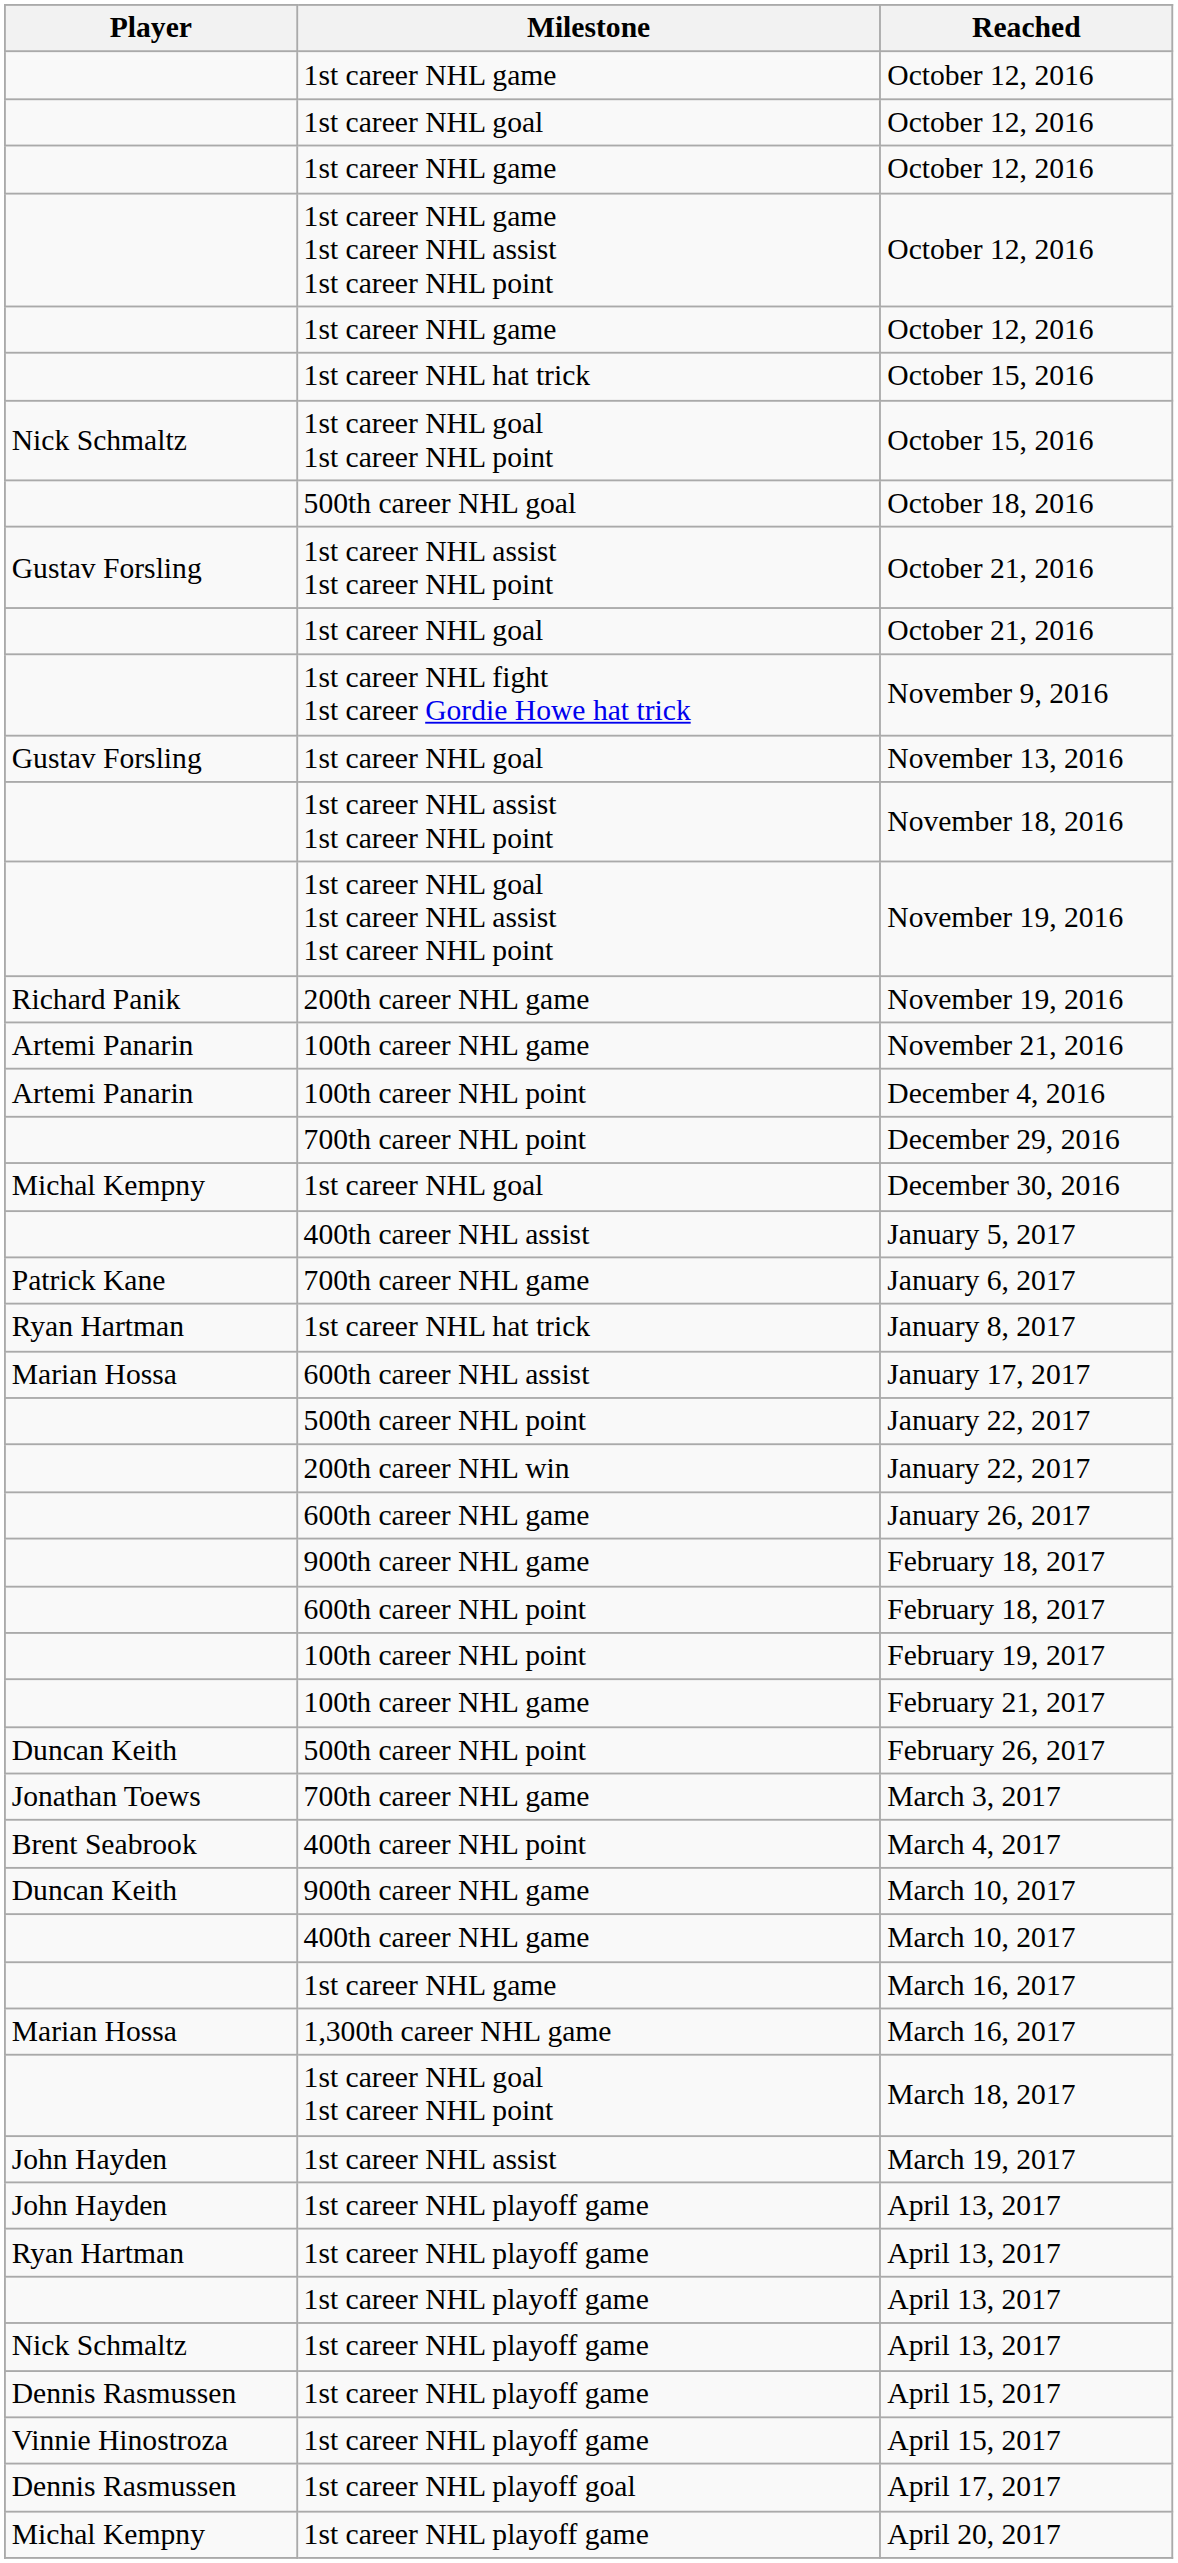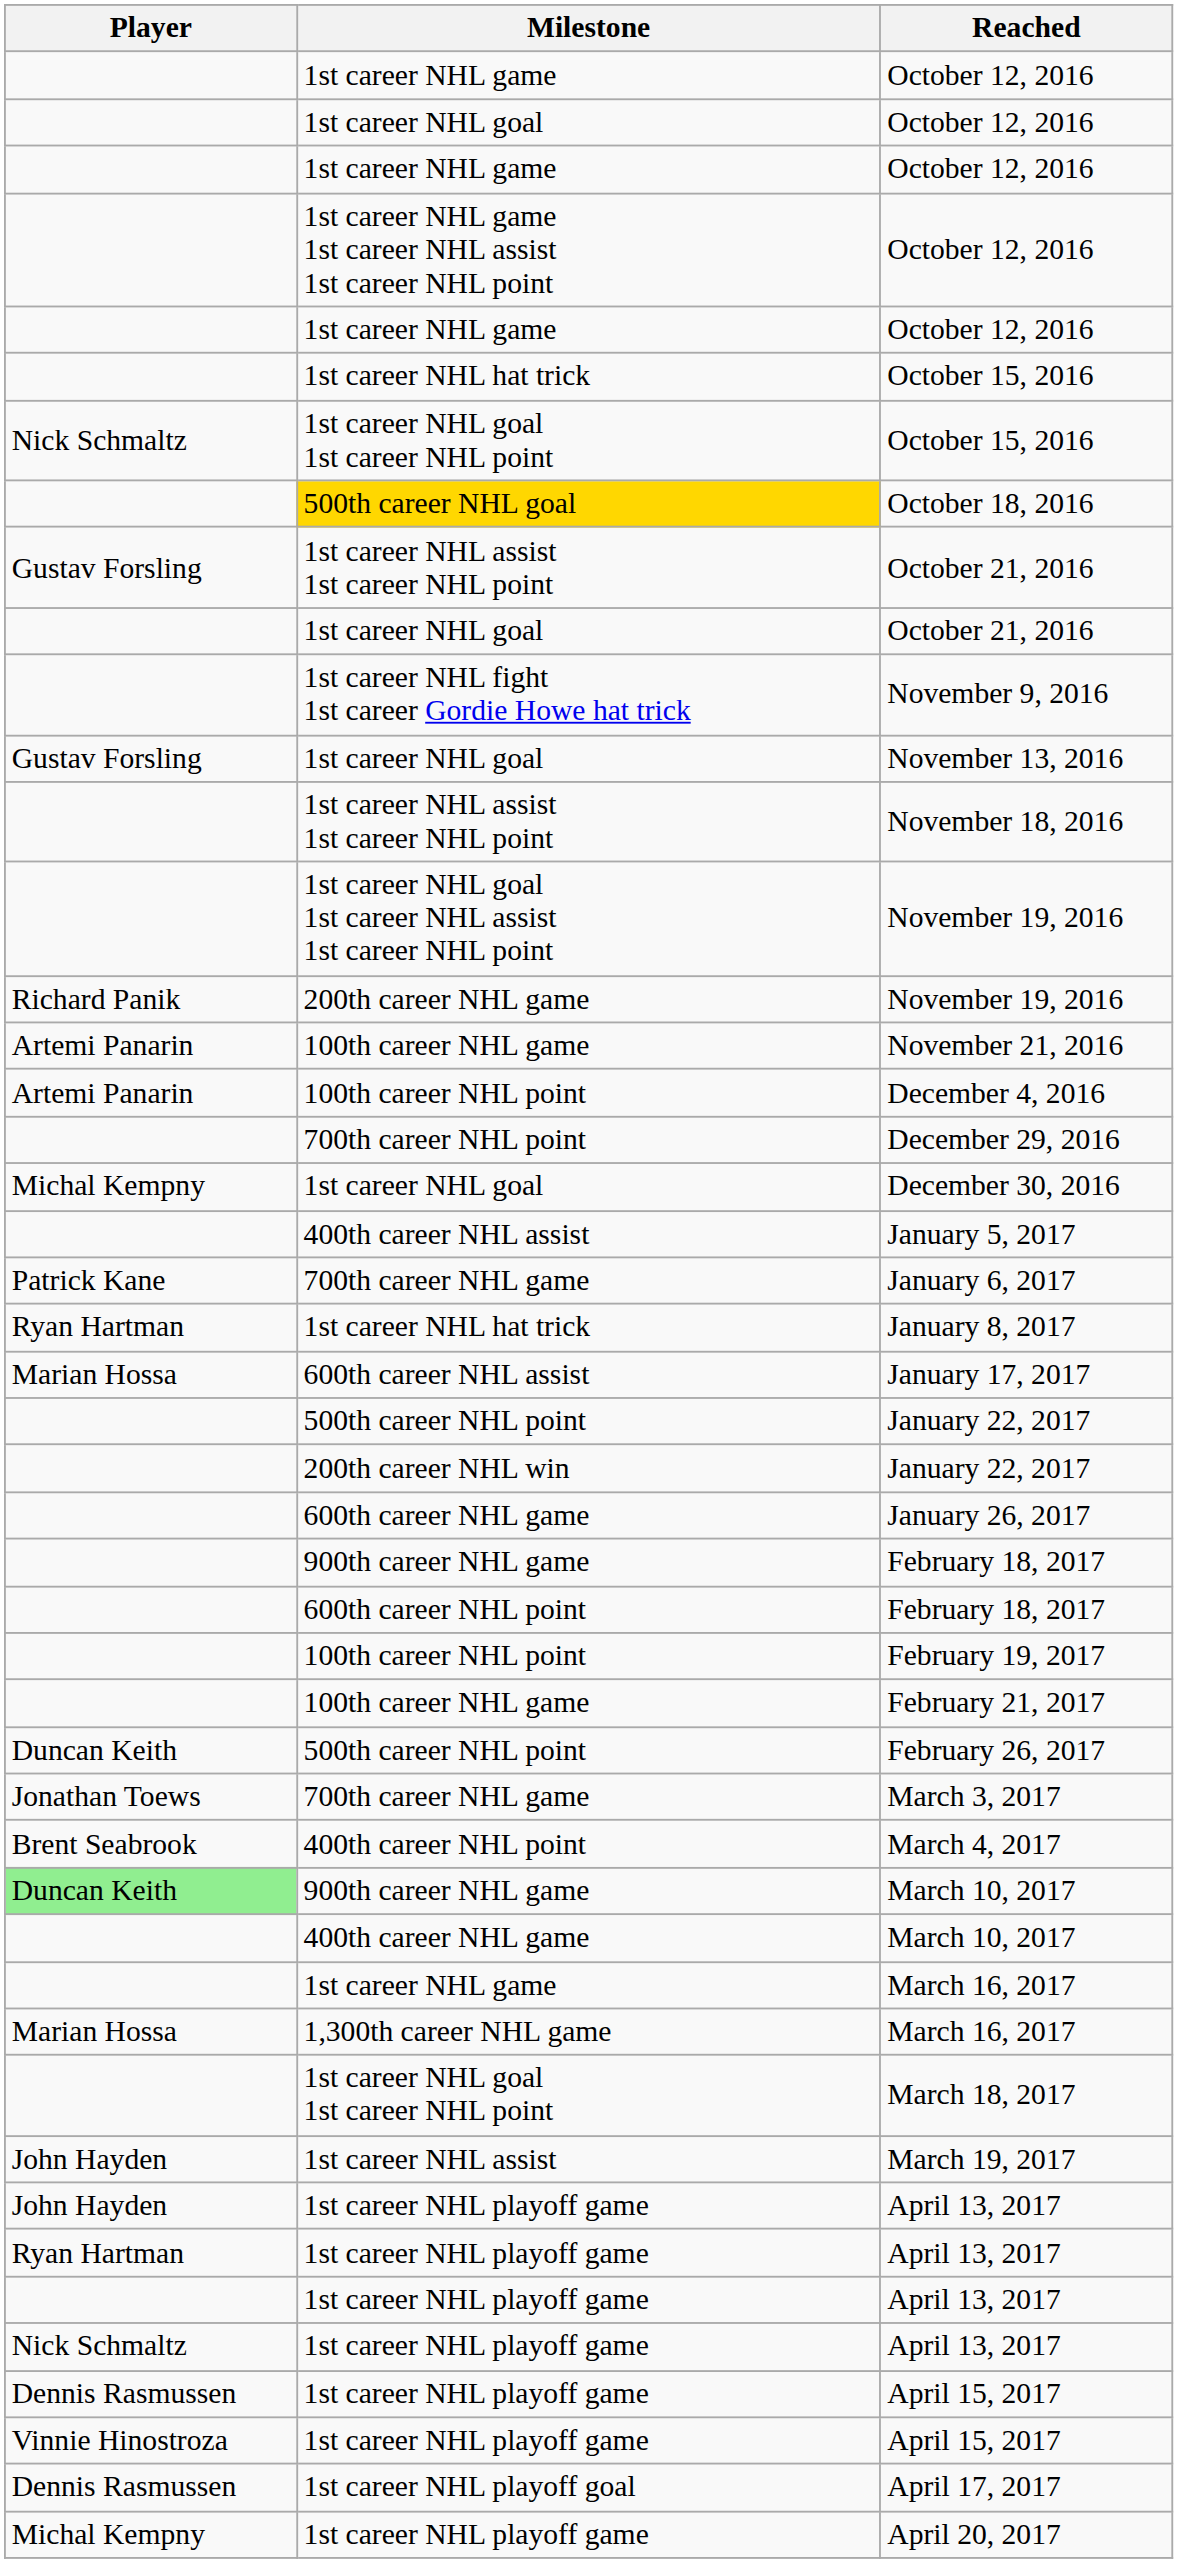 <table class="wikitable sortable" style="width:50%;">
 <tr align=center>
 <th style="width:25%;">Player</th>
 <th style="width:50%;">Milestone</th>
 <th style="width:30%;" data-sort-type="date">Reached</th>
 </tr>
 <tr>
 <td></td>
 <td>1st career NHL game</td>
 <td>October 12, 2016</td>
 </tr>
 <tr>
 <td></td>
 <td>1st career NHL goal</td>
 <td>October 12, 2016</td>
 </tr>
 <tr>
 <td></td>
 <td>1st career NHL game</td>
 <td>October 12, 2016</td>
 </tr>
 <tr>
 <td></td>
 <td>1st career NHL game<br>1st career NHL assist<br>1st career NHL point</td>
 <td>October 12, 2016</td>
 </tr>
 <tr>
 <td></td>
 <td>1st career NHL game</td>
 <td>October 12, 2016</td>
 </tr>
 <tr>
 <td></td>
 <td>1st career NHL hat trick</td>
 <td>October 15, 2016</td>
 </tr>
 <tr>
 <td>Nick Schmaltz</td>
 <td>1st career NHL goal<br>1st career NHL point</td>
 <td>October 15, 2016</td>
 </tr>
 <tr>
 <td></td>
-<td>500th career NHL goal</td>
+<td style="background: gold;">500th career NHL goal</td>
 <td>October 18, 2016</td>
 </tr>
 <tr>
 <td>Gustav Forsling</td>
 <td>1st career NHL assist<br>1st career NHL point</td>
 <td>October 21, 2016</td>
 </tr>
 <tr>
 <td></td>
 <td>1st career NHL goal</td>
 <td>October 21, 2016</td>
 </tr>
 <tr>
 <td></td>
 <td>1st career NHL fight<br>1st career <a href='#'>Gordie Howe hat trick</a></td>
 <td>November 9, 2016</td>
 </tr>
 <tr>
 <td>Gustav Forsling</td>
 <td>1st career NHL goal</td>
 <td>November 13, 2016</td>
 </tr>
 <tr>
 <td></td>
 <td>1st career NHL assist<br>1st career NHL point</td>
 <td>November 18, 2016</td>
 </tr>
 <tr>
 <td></td>
 <td>1st career NHL goal<br>1st career NHL assist<br>1st career NHL point</td>
 <td>November 19, 2016</td>
 </tr>
 <tr>
 <td>Richard Panik</td>
 <td>200th career NHL game</td>
 <td>November 19, 2016</td>
 </tr>
 <tr>
 <td>Artemi Panarin</td>
 <td>100th career NHL game</td>
 <td>November 21, 2016</td>
 </tr>
 <tr>
 <td>Artemi Panarin</td>
 <td>100th career NHL point</td>
 <td>December 4, 2016</td>
 </tr>
 <tr>
 <td></td>
 <td>700th career NHL point</td>
 <td>December 29, 2016</td>
 </tr>
 <tr>
 <td>Michal Kempny</td>
 <td>1st career NHL goal</td>
 <td>December 30, 2016</td>
 </tr>
 <tr>
 <td></td>
 <td>400th career NHL assist</td>
 <td>January 5, 2017</td>
 </tr>
 <tr>
 <td>Patrick Kane</td>
 <td>700th career NHL game</td>
 <td>January 6, 2017</td>
 </tr>
 <tr>
 <td>Ryan Hartman</td>
 <td>1st career NHL hat trick</td>
 <td>January 8, 2017</td>
 </tr>
 <tr>
 <td>Marian Hossa</td>
 <td>600th career NHL assist</td>
 <td>January 17, 2017</td>
 </tr>
 <tr>
 <td></td>
 <td>500th career NHL point</td>
 <td>January 22, 2017</td>
 </tr>
 <tr>
 <td></td>
 <td>200th career NHL win</td>
 <td>January 22, 2017</td>
 </tr>
 <tr>
 <td></td>
 <td>600th career NHL game</td>
 <td>January 26, 2017</td>
 </tr>
 <tr>
 <td></td>
 <td>900th career NHL game</td>
 <td>February 18, 2017</td>
 </tr>
 <tr>
 <td></td>
 <td>600th career NHL point</td>
 <td>February 18, 2017</td>
 </tr>
 <tr>
 <td></td>
 <td>100th career NHL point</td>
 <td>February 19, 2017</td>
 </tr>
 <tr>
 <td></td>
 <td>100th career NHL game</td>
 <td>February 21, 2017</td>
 </tr>
 <tr>
 <td>Duncan Keith</td>
 <td>500th career NHL point</td>
 <td>February 26, 2017</td>
 </tr>
 <tr>
 <td>Jonathan Toews</td>
 <td>700th career NHL game</td>
 <td>March 3, 2017</td>
 </tr>
 <tr>
 <td>Brent Seabrook</td>
 <td>400th career NHL point</td>
 <td>March 4, 2017</td>
 </tr>
 <tr>
-<td>Duncan Keith</td>
+<td style="background: lightgreen;">Duncan Keith</td>
 <td>900th career NHL game</td>
 <td>March 10, 2017</td>
 </tr>
 <tr>
 <td></td>
 <td>400th career NHL game</td>
 <td>March 10, 2017</td>
 </tr>
 <tr>
 <td></td>
 <td>1st career NHL game</td>
 <td>March 16, 2017</td>
 </tr>
 <tr>
 <td>Marian Hossa</td>
 <td>1,300th career NHL game</td>
 <td>March 16, 2017</td>
 </tr>
 <tr>
 <td></td>
 <td>1st career NHL goal<br>1st career NHL point</td>
 <td>March 18, 2017</td>
 </tr>
 <tr>
 <td>John Hayden</td>
 <td>1st career NHL assist</td>
 <td>March 19, 2017</td>
 </tr>
 <tr>
 <td>John Hayden</td>
 <td>1st career NHL playoff game</td>
 <td>April 13, 2017</td>
 </tr>
 <tr>
 <td>Ryan Hartman</td>
 <td>1st career NHL playoff game</td>
 <td>April 13, 2017</td>
 </tr>
 <tr>
 <td></td>
 <td>1st career NHL playoff game</td>
 <td>April 13, 2017</td>
 </tr>
 <tr>
 <td>Nick Schmaltz</td>
 <td>1st career NHL playoff game</td>
 <td>April 13, 2017</td>
 </tr>
 <tr>
 <td>Dennis Rasmussen</td>
 <td>1st career NHL playoff game</td>
 <td>April 15, 2017</td>
 </tr>
 <tr>
 <td>Vinnie Hinostroza</td>
 <td>1st career NHL playoff game</td>
 <td>April 15, 2017</td>
 </tr>
 <tr>
 <td>Dennis Rasmussen</td>
 <td>1st career NHL playoff goal</td>
 <td>April 17, 2017</td>
 </tr>
 <tr>
 <td>Michal Kempny</td>
 <td>1st career NHL playoff game</td>
 <td>April 20, 2017</td>
 </tr>
 </table>
